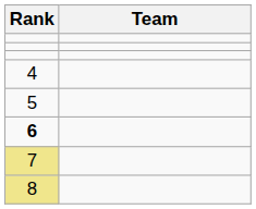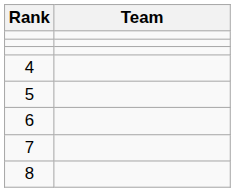 <table class=wikitable style="text-align:center;">
 <tr>
 <th width=40>Rank</th>
 <th width=160>Team</th>
 </tr>
 <tr>
 <td></td>
 <td align=left></td>
 </tr>
 <tr>
 <td></td>
 <td align=left></td>
 </tr>
 <tr>
 <td></td>
 <td align=left></td>
 </tr>
 <tr>
 <td>4</td>
 <td align=left></td>
 </tr>
 <tr>
 <td>5</td>
 <td align=left></td>
 </tr>
 <tr>
-<td><strong>6</strong></td>
+<td>6</td>
 <td align=left></td>
 </tr>
 <tr>
-<td style="background: khaki;">7</td>
+<td>7</td>
 <td align=left></td>
 </tr>
 <tr>
-<td style="background: khaki;">8</td>
+<td>8</td>
 <td align=left></td>
 </tr>
 </table>
